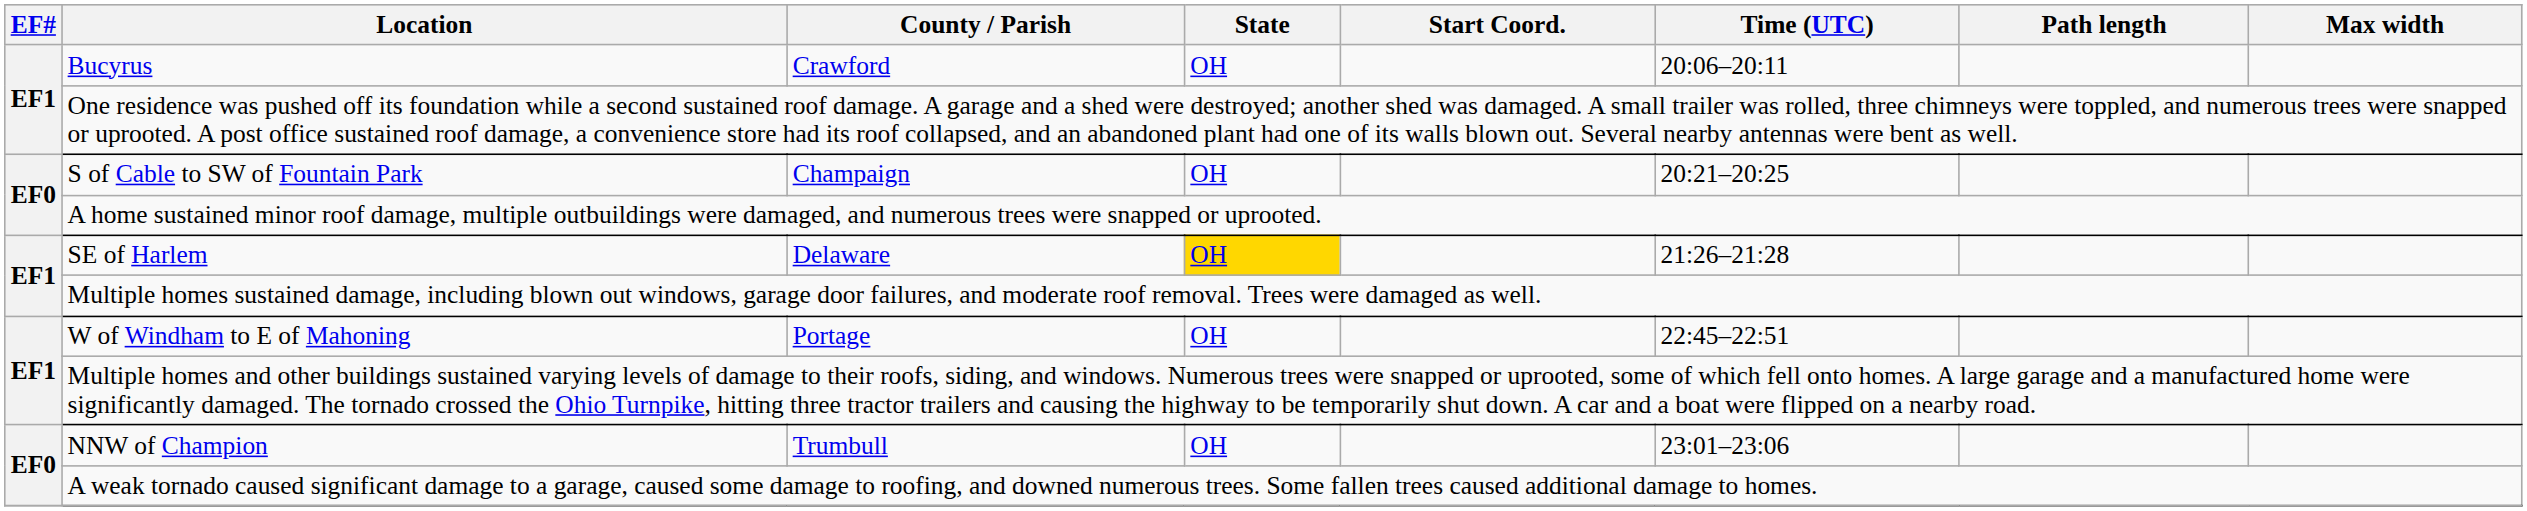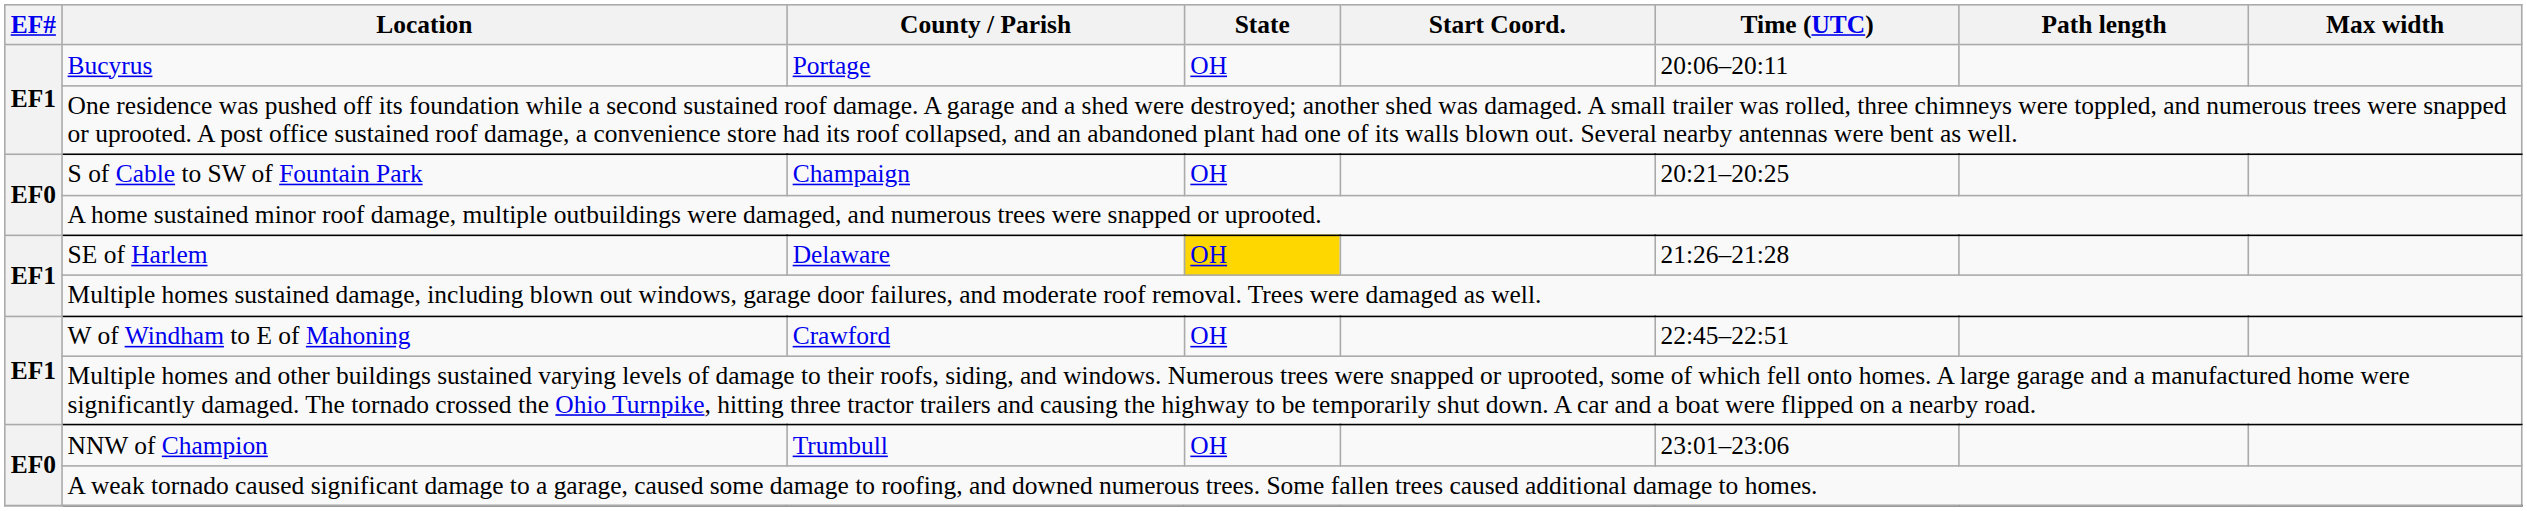 <table class="wikitable sortable" style="width:100%;">
 <tr>
 <th scope="col" width="2%" align="center"><a href='#'>EF#</a></th>
 <th scope="col" align="center" class="unsortable">Location</th>
 <th scope="col" align="center" class="unsortable">County / Parish</th>
 <th scope="col" align="center">State</th>
 <th scope="col" align="center">Start Coord.</th>
 <th scope="col" align="center">Time (<a href='#'>UTC</a>)</th>
 <th scope="col" align="center">Path length</th>
 <th scope="col" align="center">Max width</th>
 </tr>
 <tr>
 <th scope="row" rowspan="2" style="background-color:#">EF1</th>
 <td><a href='#'>Bucyrus</a></td>
-<td><a href='#'>Crawford</a></td>
+<td><a href='#'>Portage</a></td>
 <td><a href='#'>OH</a></td>
 <td></td>
 <td>20:06–20:11</td>
 <td></td>
 <td></td>
 </tr>
 <tr class="expand-child">
 <td colspan="8" style=" border-bottom: 1px solid black;">One residence was pushed off its foundation while a second sustained roof damage. A garage and a shed were destroyed; another shed was damaged. A small trailer was rolled, three chimneys were toppled, and numerous trees were snapped or uprooted. A post office sustained roof damage, a convenience store had its roof collapsed, and an abandoned plant had one of its walls blown out. Several nearby antennas were bent as well.</td>
 </tr>
 <tr>
 <th scope="row" rowspan="2" style="background-color:#">EF0</th>
 <td>S of <a href='#'>Cable</a> to SW of <a href='#'>Fountain Park</a></td>
 <td><a href='#'>Champaign</a></td>
 <td><a href='#'>OH</a></td>
 <td></td>
 <td>20:21–20:25</td>
 <td></td>
 <td></td>
 </tr>
 <tr class="expand-child">
 <td colspan="8" style=" border-bottom: 1px solid black;">A home sustained minor roof damage, multiple outbuildings were damaged, and numerous trees were snapped or uprooted.</td>
 </tr>
 <tr>
 <th scope="row" rowspan="2" style="background-color:#">EF1</th>
 <td>SE of <a href='#'>Harlem</a></td>
 <td><a href='#'>Delaware</a></td>
 <td style="background: gold;"><a href='#'>OH</a></td>
 <td></td>
 <td>21:26–21:28</td>
 <td></td>
 <td></td>
 </tr>
 <tr class="expand-child">
 <td colspan="8" style=" border-bottom: 1px solid black;">Multiple homes sustained damage, including blown out windows, garage door failures, and moderate roof removal. Trees were damaged as well.</td>
 </tr>
 <tr>
 <th scope="row" rowspan="2" style="background-color:#">EF1</th>
 <td>W of <a href='#'>Windham</a> to E of <a href='#'>Mahoning</a></td>
-<td><a href='#'>Portage</a></td>
+<td><a href='#'>Crawford</a></td>
 <td><a href='#'>OH</a></td>
 <td></td>
 <td>22:45–22:51</td>
 <td></td>
 <td></td>
 </tr>
 <tr class="expand-child">
 <td colspan="8" style=" border-bottom: 1px solid black;">Multiple homes and other buildings sustained varying levels of damage to their roofs, siding, and windows. Numerous trees were snapped or uprooted, some of which fell onto homes. A large garage and a manufactured home were significantly damaged. The tornado crossed the <a href='#'>Ohio Turnpike</a>, hitting three tractor trailers and causing the highway to be temporarily shut down. A car and a boat were flipped on a nearby road.</td>
 </tr>
 <tr>
 <th scope="row" rowspan="2" style="background-color:#">EF0</th>
 <td>NNW of <a href='#'>Champion</a></td>
 <td><a href='#'>Trumbull</a></td>
 <td><a href='#'>OH</a></td>
 <td></td>
 <td>23:01–23:06</td>
 <td></td>
 <td></td>
 </tr>
 <tr class="expand-child">
 <td colspan="8" style=" border-bottom: 1px solid black;">A weak tornado caused significant damage to a garage, caused some damage to roofing, and downed numerous trees. Some fallen trees caused additional damage to homes.</td>
 </tr>
 <tr>
 </tr>
 </table>
